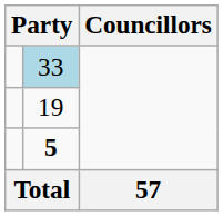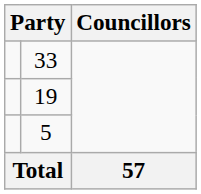 <table class="wikitable">
 <tr>
 <th colspan=2>Party</th>
 <th>Councillors</th>
 </tr>
 <tr>
 <td></td>
-<td align=center style="background: lightblue;">33</td>
+<td align=center>33</td>
 </tr>
 <tr>
 <td></td>
 <td align=center>19</td>
 </tr>
 <tr>
 <td></td>
-<td align=center><strong>5</strong></td>
+<td align=center>5</td>
 </tr>
 <tr>
 <th colspan=2>Total</th>
 <th>57</th>
 </tr>
 </table>
